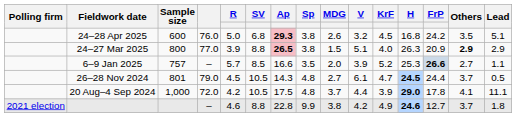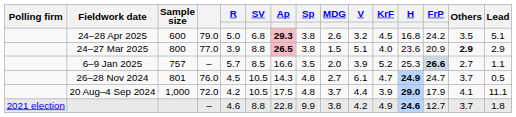 <table class="wikitable sortable mw-datatable" style="text-align:center;font-size:90%;line-height:14px;">
 <tr>
 <th rowspan="2">Polling firm</th>
 <th rowspan="2">Fieldwork date</th>
 <th rowspan="2">Sample<br>size</th>
 <th rowspan="2"></th>
 <th class="unsortable" style="width:30px;"><a href='#'>R</a></th>
 <th class="unsortable" style="width:30px;"><a href='#'>SV</a></th>
 <th class="unsortable" style="width:30px;"><a href='#'>Ap</a></th>
 <th class="unsortable" style="width:30px;"><a href='#'>Sp</a></th>
 <th class="unsortable" style="width:30px;"><a href='#'>MDG</a></th>
 <th class="unsortable" style="width:30px;"><a href='#'>V</a></th>
 <th class="unsortable" style="width:30px;"><a href='#'>KrF</a></th>
 <th class="unsortable" style="width:30px;"><a href='#'>H</a></th>
 <th class="unsortable" style="width:30px;"><a href='#'>FrP</a></th>
 <th rowspan="2" class="unsortable" style="width:30px;">Others</th>
 <th rowspan="2">Lead</th>
 </tr>
 <tr>
 <th style="background:"></th>
 <th style="background:"></th>
 <th style="background:"></th>
 <th style="background:"></th>
 <th style="background:"></th>
 <th style="background:"></th>
 <th style="background:"></th>
 <th style="background:"></th>
 <th style="background:"></th>
 </tr>
 <tr>
 <td></td>
 <td>24–28 Apr 2025</td>
 <td>600</td>
-<td>76.0</td>
+<td>79.0</td>
 <td>5.0</td>
 <td>6.8</td>
 <td style="background:#F7BDC5;"><strong>29.3</strong></td>
 <td>3.8</td>
 <td>2.6</td>
 <td>3.2</td>
 <td>4.5</td>
 <td>16.8</td>
 <td>24.2</td>
 <td>3.5</td>
 <td style="background:">5.1</td>
 </tr>
 <tr>
 <td></td>
 <td>24–27 Mar 2025</td>
 <td>800</td>
 <td>77.0</td>
 <td>3.9</td>
 <td>8.8</td>
 <td style="background:#F7BDC5;"><strong>26.5</strong></td>
 <td>3.8</td>
 <td>1.5</td>
 <td>5.1</td>
 <td>4.0</td>
-<td>26.3</td>
+<td>23.6</td>
 <td>20.9</td>
 <td><strong>2.9</strong></td>
 <td style="background:">2.9</td>
 </tr>
 <tr>
 <td></td>
 <td>6–9 Jan 2025</td>
 <td>757</td>
 <td>–</td>
 <td>5.7</td>
 <td>8.5</td>
 <td>16.6</td>
 <td>3.5</td>
 <td>2.0</td>
 <td>3.9</td>
 <td>5.2</td>
 <td>25.3</td>
 <td style="background:#ccdae8;"><strong>26.6</strong></td>
 <td>2.7</td>
 <td style="background:">1.1</td>
 </tr>
 <tr>
 <td></td>
 <td>26–28 Nov 2024</td>
 <td>801</td>
-<td>79.0</td>
+<td>76.0</td>
 <td>4.5</td>
 <td>10.5</td>
 <td>14.3</td>
 <td>4.8</td>
 <td>2.7</td>
 <td>6.1</td>
 <td>4.7</td>
-<td style="background:#B5D5FF;"><strong>24.5</strong></td>
-<td>24.4</td>
+<td style="background:#B5D5FF;"><strong>24.9</strong></td>
+<td>24.7</td>
 <td>3.7</td>
 <td style="background:">0.5</td>
 </tr>
 <tr>
 <td></td>
 <td>20 Aug–4 Sep 2024</td>
 <td>1,000</td>
 <td>72.0</td>
 <td>4.2</td>
 <td>10.5</td>
 <td>17.5</td>
 <td>4.8</td>
 <td>3.7</td>
 <td>4.4</td>
 <td>3.9</td>
 <td style="background:#B5D5FF;"><strong>29.0</strong></td>
-<td>17.8</td>
+<td>17.9</td>
 <td>4.1</td>
 <td style="background:">11.1</td>
 </tr>
 <tr style="background:#E9E9E9;">
 <td><a href='#'>2021 election</a></td>
 <td></td>
 <td></td>
 <td>–</td>
 <td>4.6</td>
 <td>8.8</td>
 <td>22.8</td>
 <td>9.9</td>
 <td>3.8</td>
 <td>4.2</td>
 <td>4.9</td>
 <td style="background:#B5D5FF;"><strong>24.6</strong></td>
 <td>12.7</td>
 <td>3.7</td>
 <td style="background:">1.8</td>
 </tr>
 </table>
